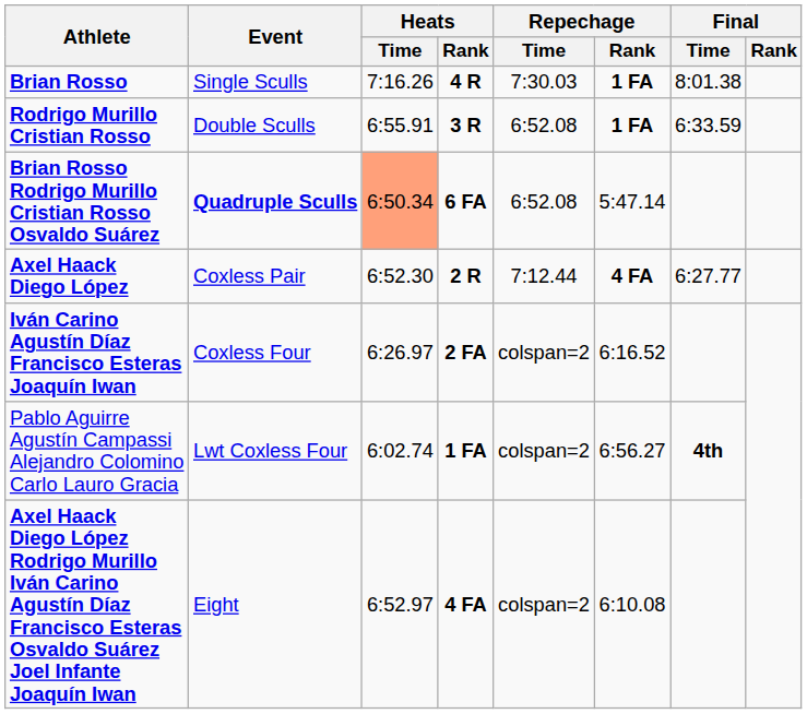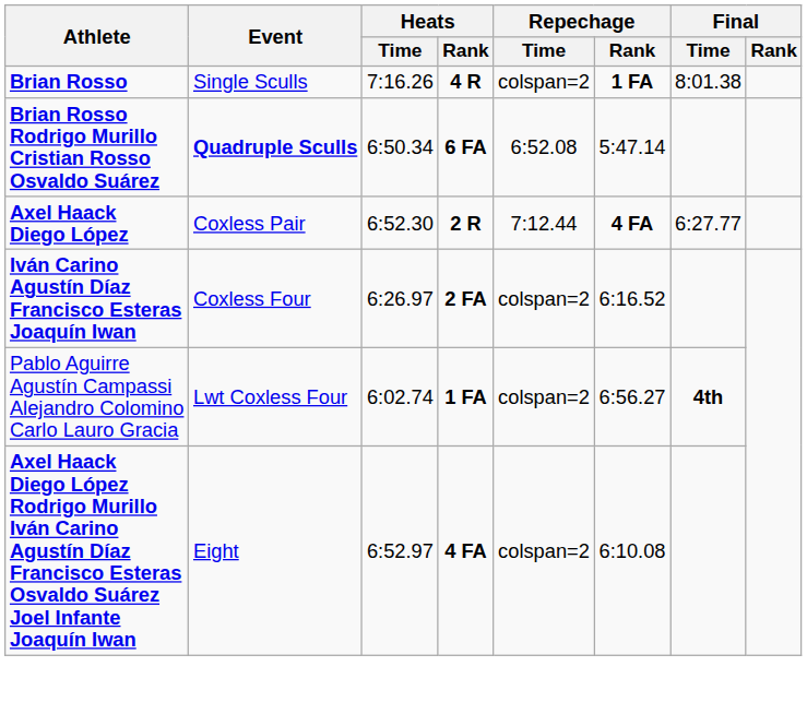 <table class="wikitable" style="font-size:90%">
 <tr>
 <th rowspan=2>Athlete</th>
 <th rowspan=2>Event</th>
 <th colspan="2">Heats</th>
 <th colspan="2">Repechage</th>
 <th colspan="2">Final</th>
 </tr>
 <tr style="font-size:95%">
 <th>Time</th>
 <th>Rank</th>
 <th>Time</th>
 <th>Rank</th>
 <th>Time</th>
 <th>Rank</th>
 </tr>
 <tr align=center>
 <td align=left><strong><a href='#'>Brian Rosso</a></strong></td>
 <td align=left><a href='#'>Single Sculls</a></td>
 <td>7:16.26</td>
 <td><strong>4</strong> <strong>R</strong></td>
-<td>7:30.03</td>
+<td>colspan=2 </td>
 <td><strong>1</strong> <strong>FA</strong></td>
 <td>8:01.38</td>
 <td></td>
 </tr>
 <tr align=center>
-<td align=left><strong><a href='#'>Rodrigo Murillo</a></strong><br><strong><a href='#'>Cristian Rosso</a></strong></td>
-<td align=left><a href='#'>Double Sculls</a></td>
-<td>6:55.91</td>
-<td><strong>3</strong> <strong>R</strong></td>
-<td>6:52.08</td>
-<td><strong>1</strong> <strong>FA</strong></td>
-<td>6:33.59</td>
-<td></td>
-</tr>
-<tr align=center>
 <td align=left><strong><a href='#'>Brian Rosso</a></strong><br><strong><a href='#'>Rodrigo Murillo</a></strong><br><strong><a href='#'>Cristian Rosso</a></strong><br><strong><a href='#'>Osvaldo Suárez</a></strong></td>
 <td align=left><strong><a href='#'>Quadruple Sculls</a></strong></td>
-<td style="background: lightsalmon;">6:50.34</td>
+<td>6:50.34</td>
 <td><strong>6</strong> <strong>FA</strong></td>
 <td>6:52.08</td>
 <td>5:47.14</td>
 <td></td>
 </tr>
 <tr align=center>
 <td align=left><strong><a href='#'>Axel Haack</a></strong><br><strong><a href='#'>Diego López</a></strong></td>
 <td align=left><a href='#'>Coxless Pair</a></td>
 <td>6:52.30</td>
 <td><strong>2</strong> <strong>R</strong></td>
 <td>7:12.44</td>
 <td><strong>4</strong> <strong>FA</strong></td>
 <td>6:27.77</td>
 <td></td>
 </tr>
 <tr align=center>
 <td align=left><strong><a href='#'>Iván Carino</a></strong><br><strong><a href='#'>Agustín Díaz</a></strong><br><strong><a href='#'>Francisco Esteras</a></strong><br><strong><a href='#'>Joaquín Iwan</a></strong></td>
 <td align=left><a href='#'>Coxless Four</a></td>
 <td>6:26.97</td>
 <td><strong>2</strong> <strong>FA</strong></td>
 <td>colspan=2 </td>
 <td>6:16.52</td>
 <td></td>
 </tr>
 <tr align=center>
 <td align=left><a href='#'>Pablo Aguirre</a><br><a href='#'>Agustín Campassi</a><br><a href='#'>Alejandro Colomino</a><br><a href='#'>Carlo Lauro Gracia</a></td>
 <td align=left><a href='#'>Lwt Coxless Four</a></td>
 <td>6:02.74</td>
 <td><strong>1</strong> <strong>FA</strong></td>
 <td>colspan=2 </td>
 <td>6:56.27</td>
 <td><strong>4th</strong></td>
 </tr>
 <tr align=center>
 <td align=left><strong><a href='#'>Axel Haack</a></strong><br><strong><a href='#'>Diego López</a></strong><br><strong><a href='#'>Rodrigo Murillo</a></strong><br><strong><a href='#'>Iván Carino</a></strong><br><strong><a href='#'>Agustín Díaz</a></strong><br><strong><a href='#'>Francisco Esteras</a></strong><br><strong><a href='#'>Osvaldo Suárez</a></strong><br><strong><a href='#'>Joel Infante</a></strong><br><strong><a href='#'>Joaquín Iwan</a></strong></td>
 <td align=left><a href='#'>Eight</a></td>
 <td>6:52.97</td>
 <td><strong>4</strong> <strong>FA</strong></td>
 <td>colspan=2 </td>
 <td>6:10.08</td>
 <td></td>
 </tr>
 </table>
